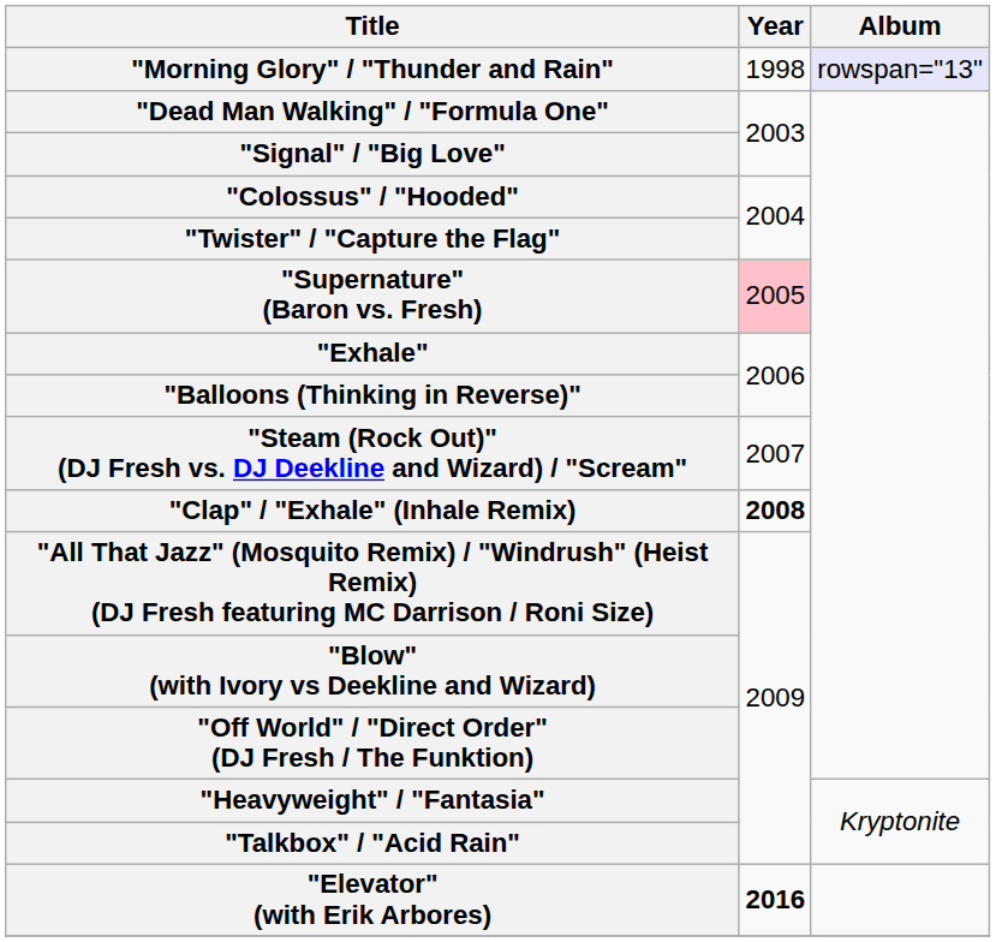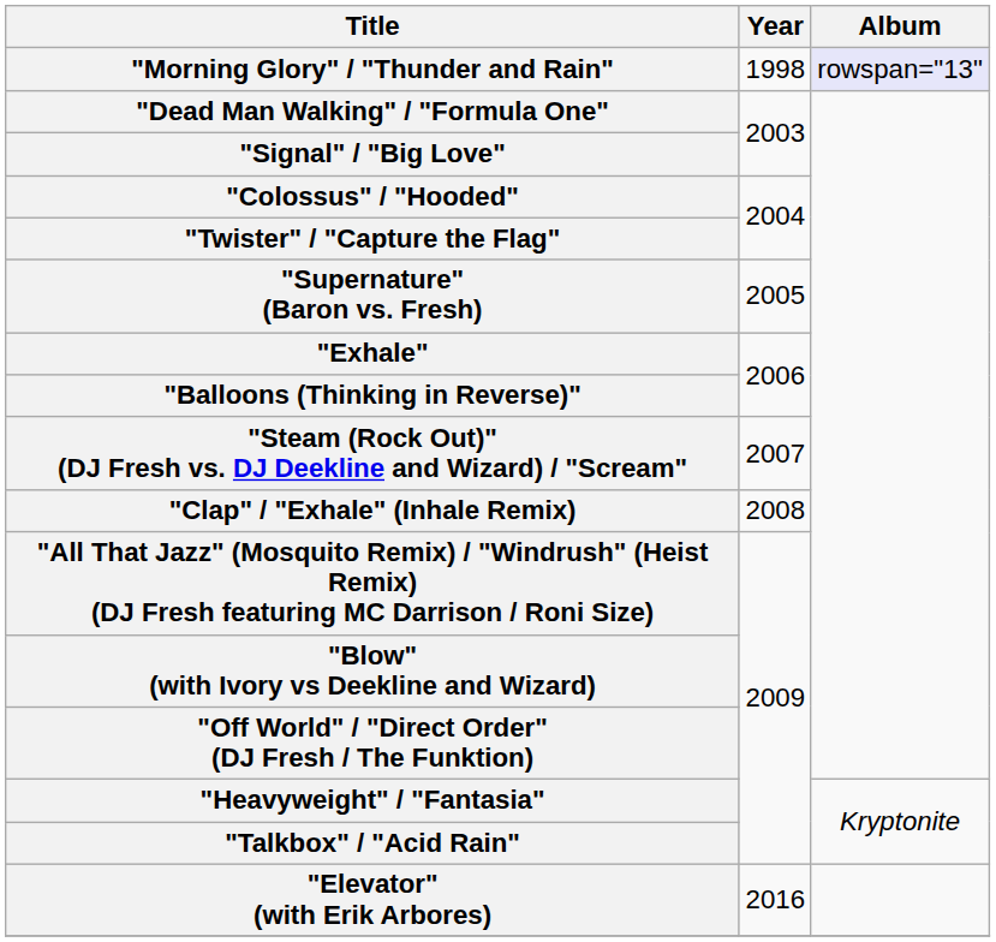 <table class="wikitable plainrowheaders" style="text-align:center;">
 <tr>
 <th scope="col" style="width:27em;">Title</th>
 <th scope="col" style="width:1em;">Year</th>
 <th scope="col">Album</th>
 </tr>
 <tr>
 <th scope="row">"Morning Glory" / "Thunder and Rain"</th>
 <td>1998</td>
 <td style="background: lavender;">rowspan="13" </td>
 </tr>
 <tr>
 <th scope="row">"Dead Man Walking" / "Formula One"</th>
 <td rowspan="2">2003</td>
 </tr>
 <tr>
 <th scope="row">"Signal" / "Big Love"</th>
 </tr>
 <tr>
 <th scope="row">"Colossus" / "Hooded"</th>
 <td rowspan="2">2004</td>
 </tr>
 <tr>
 <th scope="row">"Twister" / "Capture the Flag"</th>
 </tr>
 <tr>
 <th scope="row">"Supernature"<br><span>(Baron vs. Fresh)</span></th>
-<td style="background: pink;">2005</td>
+<td>2005</td>
 </tr>
 <tr>
 <th scope="row">"Exhale"</th>
 <td rowspan="2">2006</td>
 </tr>
 <tr>
 <th scope="row">"Balloons (Thinking in Reverse)"</th>
 </tr>
 <tr>
 <th scope="row">"Steam (Rock Out)"<br><span>(DJ Fresh vs. <a href='#'>DJ Deekline</a> and Wizard)</span> / "Scream"</th>
 <td>2007</td>
 </tr>
 <tr>
 <th scope="row">"Clap" / "Exhale" (Inhale Remix)</th>
-<td><strong>2008</strong></td>
+<td>2008</td>
 </tr>
 <tr>
 <th scope="row">"All That Jazz" (Mosquito Remix) / "Windrush" (Heist Remix)<br><span>(DJ Fresh featuring MC Darrison / Roni Size)</span></th>
 <td rowspan="5">2009</td>
 </tr>
 <tr>
 <th scope="row">"Blow"<br><span>(with Ivory vs Deekline and Wizard)</span></th>
 </tr>
 <tr>
 <th scope="row">"Off World" / "Direct Order"<br><span>(DJ Fresh / The Funktion)</span></th>
 </tr>
 <tr>
 <th scope="row">"Heavyweight" / "Fantasia"</th>
 <td rowspan="2"><em>Kryptonite</em></td>
 </tr>
 <tr>
 <th scope="row">"Talkbox" / "Acid Rain"</th>
 </tr>
 <tr>
 <th scope="row">"Elevator"<br><span>(with Erik Arbores)</span><br></th>
-<td><strong>2016</strong></td>
+<td>2016</td>
 <td></td>
 </tr>
 <tr>
 </tr>
 </table>
